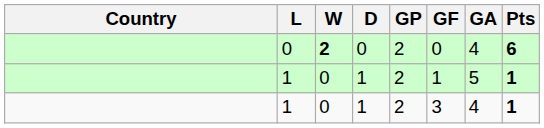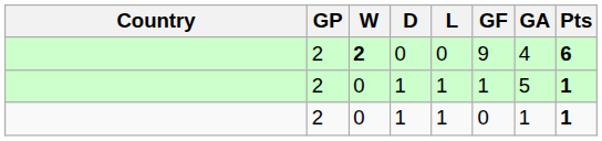 <table class="wikitable">
 <tr>
 <th width="51%"><strong>Country</strong></th>
-<th width="7%"><strong>L</strong></th>
+<th width="7%"><strong>GP</strong></th>
 <th width="7%"><strong>W</strong></th>
 <th width="7%"><strong>D</strong></th>
-<th width="7%"><strong>GP</strong></th>
+<th width="7%"><strong>L</strong></th>
 <th width="7%"><strong>GF</strong></th>
 <th width="7%"><strong>GA</strong></th>
 <th width="7%"><strong>Pts</strong></th>
 </tr>
 <tr style="background:#ccffcc;">
 <td></td>
-<td>0</td>
+<td>2</td>
 <td><strong>2</strong></td>
 <td>0</td>
-<td>2</td>
 <td>0</td>
+<td>9</td>
 <td>4</td>
 <td><strong>6</strong></td>
 </tr>
 <tr style="background:#ccffcc;">
 <td></td>
-<td>1</td>
+<td>2</td>
 <td>0</td>
 <td>1</td>
-<td>2</td>
+<td>1</td>
 <td>1</td>
 <td>5</td>
 <td><strong>1</strong></td>
 </tr>
 <tr>
 <td></td>
+<td>2</td>
+<td>0</td>
+<td>1</td>
 <td>1</td>
 <td>0</td>
 <td>1</td>
-<td>2</td>
-<td>3</td>
-<td>4</td>
 <td><strong>1</strong></td>
 </tr>
 </table>
